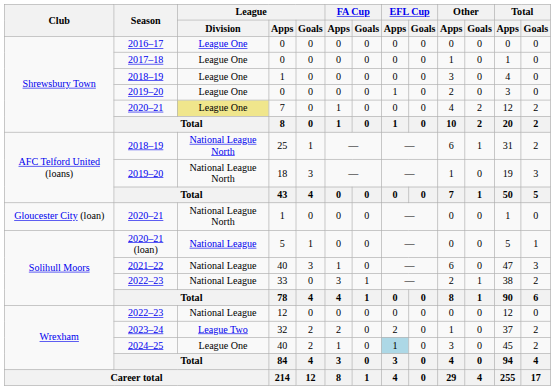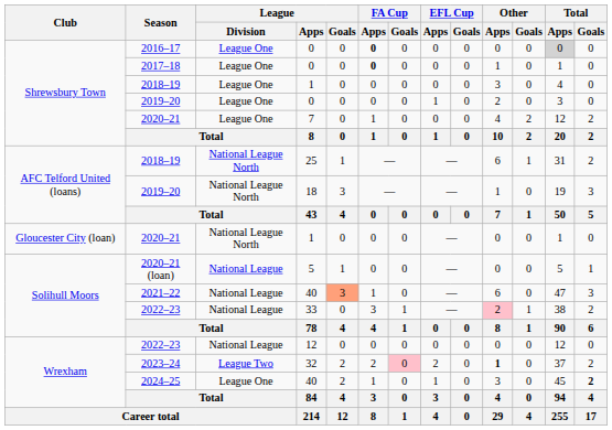 <table class="wikitable" style="text-align:center">
 <tr>
 <th rowspan="2">Club</th>
 <th rowspan="2">Season</th>
 <th colspan="3">League</th>
 <th colspan="2"><a href='#'>FA Cup</a></th>
 <th colspan="2"><a href='#'>EFL Cup</a></th>
 <th colspan="2">Other</th>
 <th colspan="2">Total</th>
 </tr>
 <tr>
 <th>Division</th>
 <th>Apps</th>
 <th>Goals</th>
 <th>Apps</th>
 <th>Goals</th>
 <th>Apps</th>
 <th>Goals</th>
 <th>Apps</th>
 <th>Goals</th>
 <th>Apps</th>
 <th>Goals</th>
 </tr>
 <tr>
 <td rowspan="6"><a href='#'>Shrewsbury Town</a></td>
 <td><a href='#'>2016–17</a></td>
 <td><a href='#'>League One</a></td>
 <td>0</td>
 <td>0</td>
+<td><strong>0</strong></td>
 <td>0</td>
 <td>0</td>
 <td>0</td>
 <td>0</td>
 <td>0</td>
-<td>0</td>
-<td>0</td>
+<td style="background: lightgrey;">0</td>
 <td>0</td>
 </tr>
 <tr>
 <td><a href='#'>2017–18</a></td>
 <td>League One</td>
 <td>0</td>
 <td>0</td>
-<td>0</td>
+<td><strong>0</strong></td>
 <td>0</td>
 <td>0</td>
 <td>0</td>
 <td>1</td>
 <td>0</td>
 <td>1</td>
 <td>0</td>
 </tr>
 <tr>
 <td><a href='#'>2018–19</a></td>
 <td>League One</td>
 <td>1</td>
 <td>0</td>
 <td>0</td>
 <td>0</td>
 <td>0</td>
 <td>0</td>
 <td>3</td>
 <td>0</td>
 <td>4</td>
 <td>0</td>
 </tr>
 <tr>
 <td><a href='#'>2019–20</a></td>
 <td>League One</td>
 <td>0</td>
 <td>0</td>
 <td>0</td>
 <td>0</td>
 <td>1</td>
 <td>0</td>
 <td>2</td>
 <td>0</td>
 <td>3</td>
 <td>0</td>
 </tr>
 <tr>
 <td><a href='#'>2020–21</a></td>
-<td style="background: khaki;">League One</td>
+<td>League One</td>
 <td>7</td>
 <td>0</td>
 <td>1</td>
 <td>0</td>
 <td>0</td>
 <td>0</td>
 <td>4</td>
 <td>2</td>
 <td>12</td>
 <td>2</td>
 </tr>
 <tr>
 <th colspan="2">Total</th>
 <th>8</th>
 <th>0</th>
 <th>1</th>
 <th>0</th>
 <th>1</th>
 <th>0</th>
 <th>10</th>
 <th>2</th>
 <th>20</th>
 <th>2</th>
 </tr>
 <tr>
 <td rowspan="3"><a href='#'>AFC Telford United</a> (loans)</td>
 <td><a href='#'>2018–19</a></td>
 <td><a href='#'>National League North</a></td>
 <td>25</td>
 <td>1</td>
 <td colspan="2">—</td>
 <td colspan="2">—</td>
 <td>6</td>
 <td>1</td>
 <td>31</td>
 <td>2</td>
 </tr>
 <tr>
 <td><a href='#'>2019–20</a></td>
 <td>National League North</td>
 <td>18</td>
 <td>3</td>
 <td colspan="2">—</td>
 <td colspan="2">—</td>
 <td>1</td>
 <td>0</td>
 <td>19</td>
 <td>3</td>
 </tr>
 <tr>
 <th colspan="2">Total</th>
 <th>43</th>
 <th>4</th>
 <th>0</th>
 <th>0</th>
 <th>0</th>
 <th>0</th>
 <th>7</th>
 <th>1</th>
 <th>50</th>
 <th>5</th>
 </tr>
 <tr>
 <td><a href='#'>Gloucester City</a> (loan)</td>
 <td><a href='#'>2020–21</a></td>
 <td>National League North</td>
 <td>1</td>
 <td>0</td>
 <td>0</td>
 <td>0</td>
 <td colspan="2">—</td>
 <td>0</td>
 <td>0</td>
 <td>1</td>
 <td>0</td>
 </tr>
 <tr>
 <td rowspan="4"><a href='#'>Solihull Moors</a></td>
 <td><a href='#'>2020–21</a> (loan)</td>
 <td><a href='#'>National League</a></td>
 <td>5</td>
 <td>1</td>
 <td>0</td>
 <td>0</td>
 <td colspan="2">—</td>
 <td>0</td>
 <td>0</td>
 <td>5</td>
 <td>1</td>
 </tr>
 <tr>
 <td><a href='#'>2021–22</a></td>
 <td>National League</td>
 <td>40</td>
-<td>3</td>
+<td style="background: lightsalmon;">3</td>
 <td>1</td>
 <td>0</td>
 <td colspan="2">—</td>
 <td>6</td>
 <td>0</td>
 <td>47</td>
 <td>3</td>
 </tr>
 <tr>
 <td><a href='#'>2022–23</a></td>
 <td>National League</td>
 <td>33</td>
 <td>0</td>
 <td>3</td>
 <td>1</td>
 <td colspan="2">—</td>
-<td>2</td>
+<td style="background: pink;">2</td>
 <td>1</td>
 <td>38</td>
 <td>2</td>
 </tr>
 <tr>
 <th colspan="2">Total</th>
 <th>78</th>
 <th>4</th>
 <th>4</th>
 <th>1</th>
 <th>0</th>
 <th>0</th>
 <th>8</th>
 <th>1</th>
 <th>90</th>
 <th>6</th>
 </tr>
 <tr>
 <td rowspan="4"><a href='#'>Wrexham</a></td>
 <td><a href='#'>2022–23</a></td>
 <td>National League</td>
 <td>12</td>
 <td>0</td>
 <td>0</td>
 <td>0</td>
 <td>0</td>
 <td>0</td>
 <td>0</td>
 <td>0</td>
 <td>12</td>
 <td>0</td>
 </tr>
 <tr>
 <td><a href='#'>2023–24</a></td>
 <td><a href='#'>League Two</a></td>
 <td>32</td>
 <td>2</td>
 <td>2</td>
-<td>0</td>
+<td style="background: pink;">0</td>
 <td>2</td>
 <td>0</td>
-<td>1</td>
+<td><strong>1</strong></td>
 <td>0</td>
 <td>37</td>
 <td>2</td>
 </tr>
 <tr>
 <td><a href='#'>2024–25</a></td>
 <td>League One</td>
 <td>40</td>
 <td>2</td>
 <td>1</td>
 <td>0</td>
-<td style="background: lightblue;">1</td>
+<td>1</td>
 <td>0</td>
 <td>3</td>
 <td>0</td>
 <td>45</td>
-<td>2</td>
+<td><strong>2</strong></td>
 </tr>
 <tr>
 <th colspan="2">Total</th>
 <th>84</th>
 <th>4</th>
 <th>3</th>
 <th>0</th>
 <th>3</th>
 <th>0</th>
 <th>4</th>
 <th>0</th>
 <th>94</th>
 <th>4</th>
 </tr>
 <tr>
 <th colspan="3">Career total</th>
 <th>214</th>
 <th>12</th>
 <th>8</th>
 <th>1</th>
 <th>4</th>
 <th>0</th>
 <th>29</th>
 <th>4</th>
 <th>255</th>
 <th>17</th>
 </tr>
 </table>
